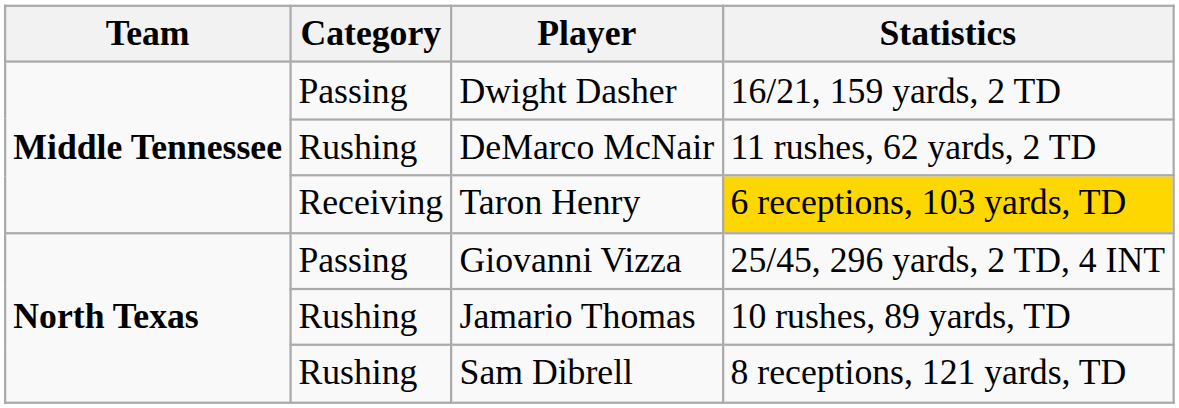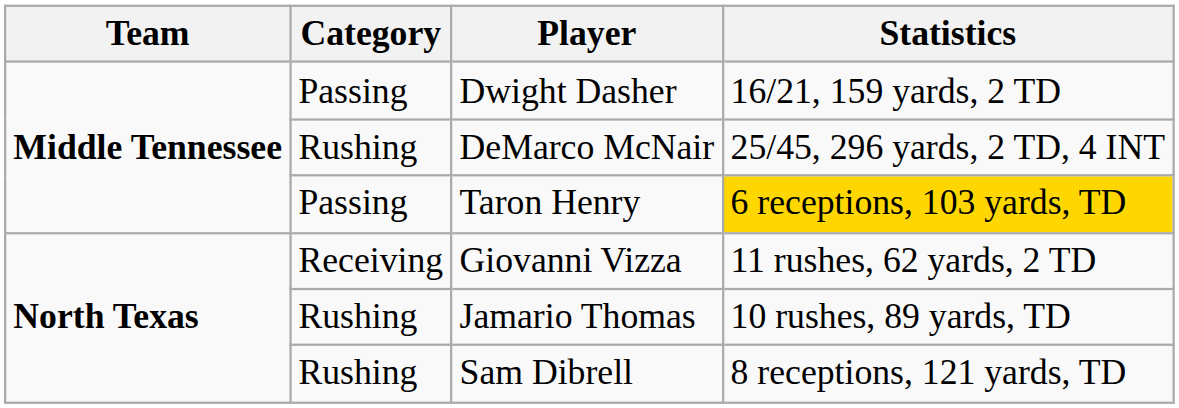 <table class="wikitable" style="float: left;">
 <tr>
 <th>Team</th>
 <th>Category</th>
 <th>Player</th>
 <th>Statistics</th>
 </tr>
 <tr>
 <td rowspan=3><strong>Middle Tennessee</strong></td>
 <td>Passing</td>
 <td>Dwight Dasher</td>
 <td>16/21, 159 yards, 2 TD</td>
 </tr>
 <tr>
 <td>Rushing</td>
 <td>DeMarco McNair</td>
-<td>11 rushes, 62 yards, 2 TD</td>
+<td>25/45, 296 yards, 2 TD, 4 INT</td>
 </tr>
 <tr>
-<td>Receiving</td>
+<td>Passing</td>
 <td>Taron Henry</td>
 <td style="background: gold;">6 receptions, 103 yards, TD</td>
 </tr>
 <tr>
 <td rowspan=3><strong>North Texas</strong></td>
-<td>Passing</td>
+<td>Receiving</td>
 <td>Giovanni Vizza</td>
-<td>25/45, 296 yards, 2 TD, 4 INT</td>
+<td>11 rushes, 62 yards, 2 TD</td>
 </tr>
 <tr>
 <td>Rushing</td>
 <td>Jamario Thomas</td>
 <td>10 rushes, 89 yards, TD</td>
 </tr>
 <tr>
 <td>Rushing</td>
 <td>Sam Dibrell</td>
 <td>8 receptions, 121 yards, TD</td>
 </tr>
 </table>
